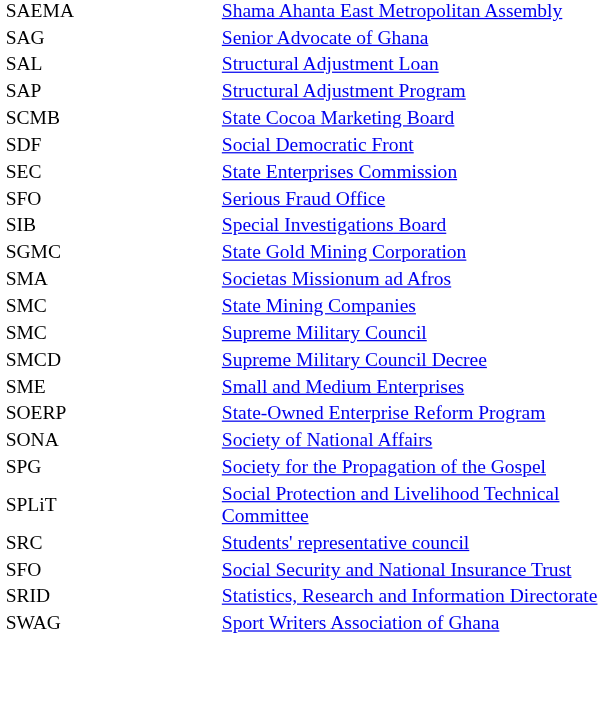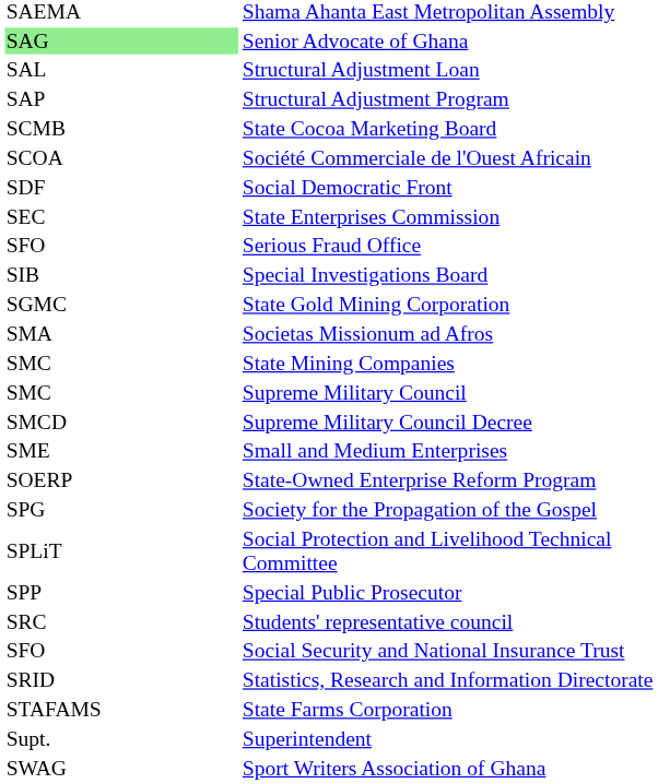 <table width="100%" style="text-verticalalign:top">
 <tr>
 <td width="20%">SAEMA</td>
 <td width="40%"><a href='#'>Shama Ahanta East Metropolitan Assembly</a></td>
 <td width="40%"></td>
 </tr>
 <tr>
-<td>SAG</td>
+<td style="background: lightgreen;">SAG</td>
 <td><a href='#'>Senior Advocate of Ghana</a></td>
 <td></td>
 </tr>
 <tr>
 <td>SAL</td>
 <td><a href='#'>Structural Adjustment Loan</a></td>
 <td></td>
 </tr>
 <tr>
 <td>SAP</td>
 <td><a href='#'>Structural Adjustment Program</a></td>
 <td></td>
 </tr>
 <tr>
 <td>SCMB</td>
 <td><a href='#'>State Cocoa Marketing Board</a></td>
+<td></td>
+</tr>
+<tr>
+<td>SCOA</td>
+<td><a href='#'>Société Commerciale de l'Ouest Africain</a></td>
 <td></td>
 </tr>
 <tr>
 <td>SDF</td>
 <td><a href='#'>Social Democratic Front</a></td>
 <td></td>
 </tr>
 <tr>
 <td>SEC</td>
 <td><a href='#'>State Enterprises Commission</a></td>
 <td></td>
 </tr>
 <tr>
 <td>SFO</td>
 <td><a href='#'>Serious Fraud Office</a></td>
 <td></td>
 </tr>
 <tr>
 <td>SIB</td>
 <td><a href='#'>Special Investigations Board</a></td>
 <td></td>
 </tr>
 <tr>
 <td>SGMC</td>
 <td><a href='#'>State Gold Mining Corporation</a></td>
 <td></td>
 </tr>
 <tr>
 <td>SMA</td>
 <td><a href='#'>Societas Missionum ad Afros</a></td>
 <td></td>
 </tr>
 <tr>
 <td>SMC</td>
 <td><a href='#'>State Mining Companies</a></td>
 <td></td>
 </tr>
 <tr>
 <td>SMC</td>
 <td><a href='#'>Supreme Military Council</a></td>
 <td></td>
 </tr>
 <tr>
 <td>SMCD</td>
 <td><a href='#'>Supreme Military Council Decree</a></td>
 <td></td>
 </tr>
 <tr>
 <td>SME</td>
 <td><a href='#'>Small and Medium Enterprises</a></td>
 <td></td>
 </tr>
 <tr>
 <td>SOERP</td>
 <td><a href='#'>State-Owned Enterprise Reform Program</a></td>
 <td></td>
 </tr>
 <tr>
-<td>SONA</td>
-<td><a href='#'>Society of National Affairs</a></td>
-<td></td>
-</tr>
-<tr>
 <td>SPG</td>
 <td><a href='#'>Society for the Propagation of the Gospel</a></td>
 <td></td>
 </tr>
 <tr>
 <td>SPLiT</td>
 <td><a href='#'>Social Protection and Livelihood Technical Committee</a></td>
+<td></td>
+</tr>
+<tr>
+<td>SPP</td>
+<td><a href='#'>Special Public Prosecutor</a></td>
 <td></td>
 </tr>
 <tr>
 <td>SRC</td>
 <td><a href='#'>Students' representative council</a></td>
 <td></td>
 </tr>
 <tr>
 <td>SFO</td>
 <td><a href='#'>Social Security and National Insurance Trust</a></td>
 <td></td>
 </tr>
 <tr>
 <td>SRID</td>
 <td><a href='#'>Statistics, Research and Information Directorate</a></td>
 <td></td>
 </tr>
 <tr>
+<td>STAFAMS</td>
+<td><a href='#'>State Farms Corporation</a></td>
+<td></td>
+</tr>
+<tr>
+<td>Supt.</td>
+<td><a href='#'>Superintendent</a></td>
+<td></td>
+</tr>
+<tr>
 <td>SWAG</td>
 <td><a href='#'>Sport Writers Association of Ghana</a></td>
 <td></td>
 </tr>
 </table>
